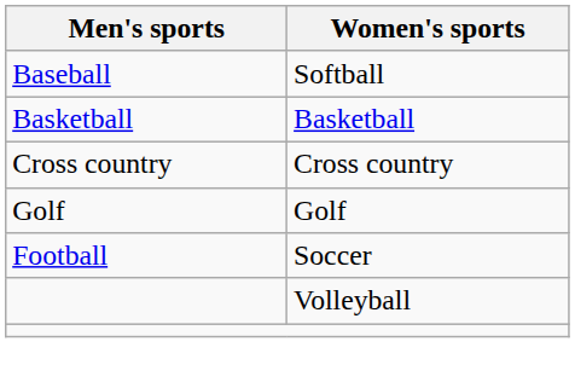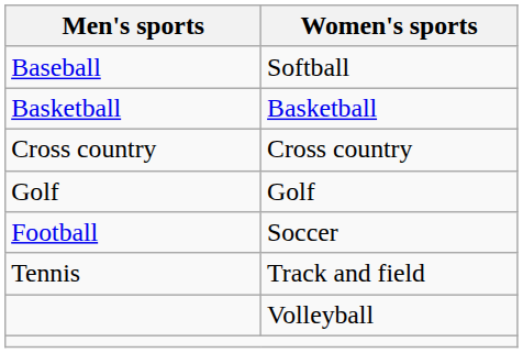 <table class="wikitable" style=" ">
 <tr>
 <th width=150px>Men's sports</th>
 <th width=150px>Women's sports</th>
 </tr>
 <tr>
 <td><a href='#'>Baseball</a></td>
 <td>Softball</td>
 </tr>
 <tr>
 <td><a href='#'>Basketball</a></td>
 <td><a href='#'>Basketball</a></td>
 </tr>
 <tr>
 <td>Cross country</td>
 <td>Cross country</td>
 </tr>
 <tr>
 <td>Golf</td>
 <td>Golf</td>
 </tr>
 <tr>
 <td><a href='#'>Football</a></td>
 <td>Soccer</td>
 </tr>
 <tr>
+<td>Tennis</td>
+<td>Track and field</td>
+</tr>
+<tr>
 <td></td>
 <td>Volleyball</td>
 </tr>
 <tr>
 <td colspan="2"></td>
 </tr>
 </table>
